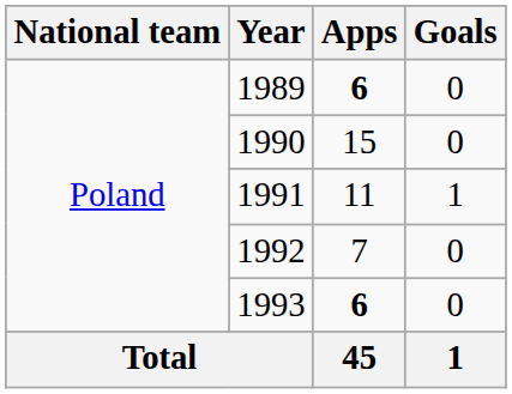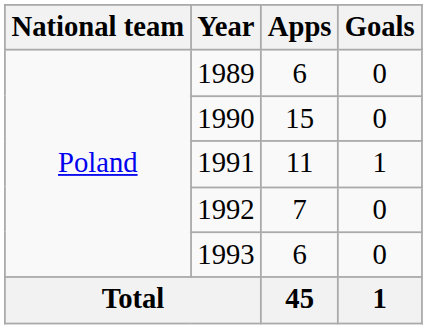 <table class="wikitable" style="text-align:center">
 <tr>
 <th>National team</th>
 <th>Year</th>
 <th>Apps</th>
 <th>Goals</th>
 </tr>
 <tr>
 <td rowspan="5"><a href='#'>Poland</a></td>
 <td>1989</td>
-<td><strong>6</strong></td>
+<td>6</td>
 <td>0</td>
 </tr>
 <tr>
 <td>1990</td>
 <td>15</td>
 <td>0</td>
 </tr>
 <tr>
 <td>1991</td>
 <td>11</td>
 <td>1</td>
 </tr>
 <tr>
 <td>1992</td>
 <td>7</td>
 <td>0</td>
 </tr>
 <tr>
 <td>1993</td>
-<td><strong>6</strong></td>
+<td>6</td>
 <td>0</td>
 </tr>
 <tr>
 <th colspan="2">Total</th>
 <th>45</th>
 <th>1</th>
 </tr>
 </table>
